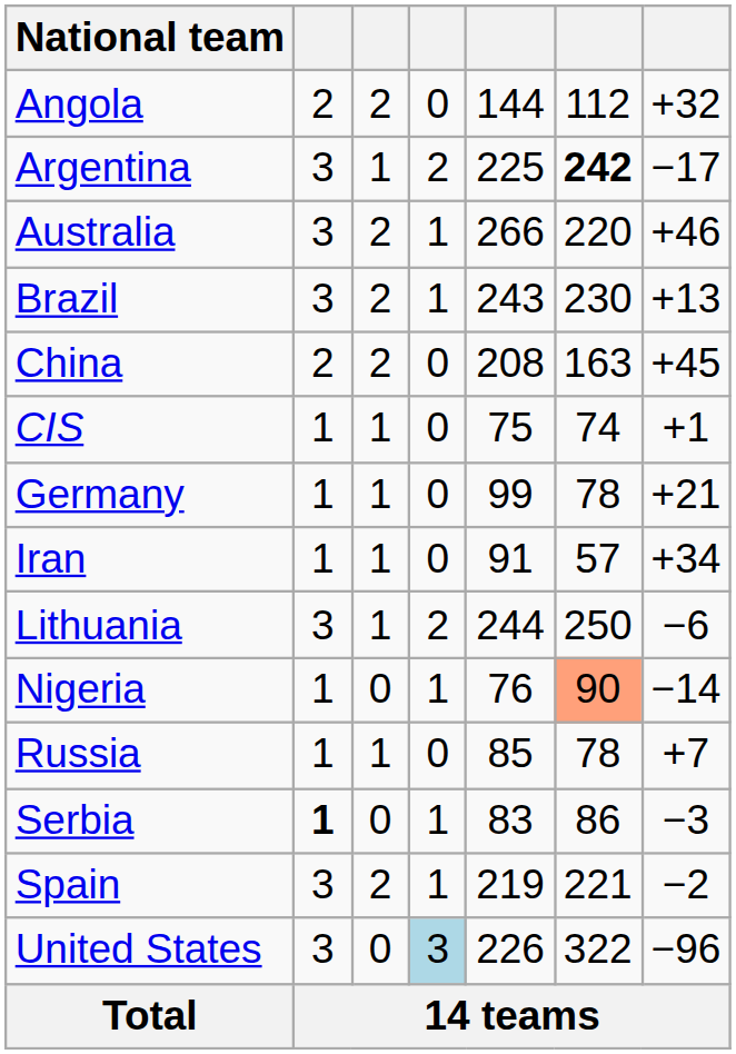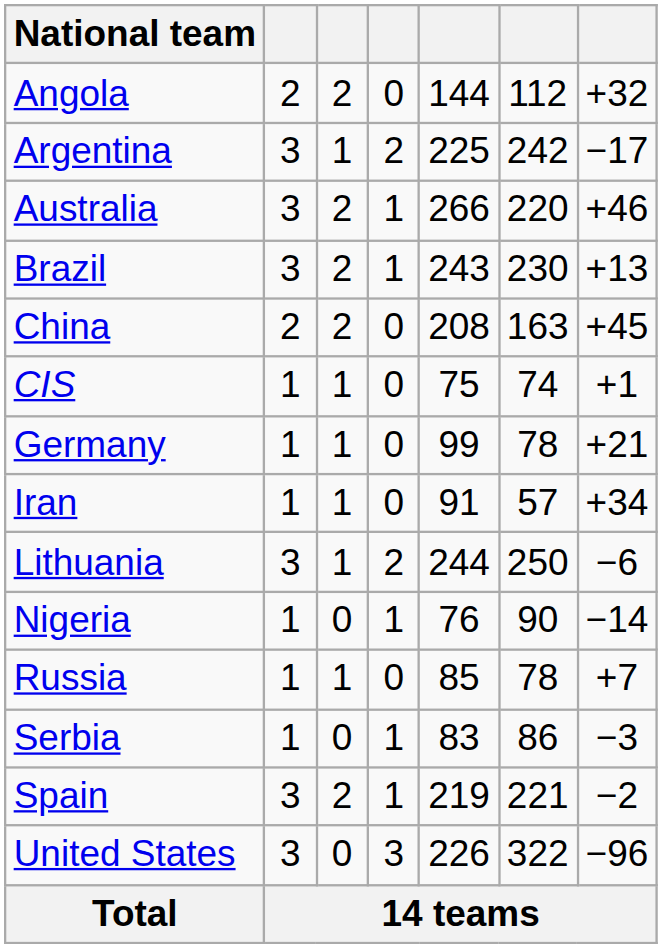 <table class="wikitable sortable" style="text-align: center;">
 <tr>
 <th>National team</th>
 <th width="15"></th>
 <th width="15"></th>
 <th width="15"></th>
 <th></th>
 <th></th>
 <th></th>
 </tr>
 <tr>
 <td align="left"> <a href='#'>Angola</a></td>
 <td>2</td>
 <td>2</td>
 <td>0</td>
 <td>144</td>
 <td>112</td>
 <td>+32</td>
 </tr>
 <tr>
 <td align="left"> <a href='#'>Argentina</a></td>
 <td>3</td>
 <td>1</td>
 <td>2</td>
 <td>225</td>
-<td><strong>242</strong></td>
+<td>242</td>
 <td>−17</td>
 </tr>
 <tr>
 <td align="left"> <a href='#'>Australia</a></td>
 <td>3</td>
 <td>2</td>
 <td>1</td>
 <td>266</td>
 <td>220</td>
 <td>+46</td>
 </tr>
 <tr>
 <td align="left"> <a href='#'>Brazil</a></td>
 <td>3</td>
 <td>2</td>
 <td>1</td>
 <td>243</td>
 <td>230</td>
 <td>+13</td>
 </tr>
 <tr>
 <td align="left"> <a href='#'>China</a></td>
 <td>2</td>
 <td>2</td>
 <td>0</td>
 <td>208</td>
 <td>163</td>
 <td>+45</td>
 </tr>
 <tr>
 <td align="left"> <em><a href='#'>CIS</a></em></td>
 <td>1</td>
 <td>1</td>
 <td>0</td>
 <td>75</td>
 <td>74</td>
 <td>+1</td>
 </tr>
 <tr>
 <td align="left"> <a href='#'>Germany</a></td>
 <td>1</td>
 <td>1</td>
 <td>0</td>
 <td>99</td>
 <td>78</td>
 <td>+21</td>
 </tr>
 <tr>
 <td align="left"> <a href='#'>Iran</a></td>
 <td>1</td>
 <td>1</td>
 <td>0</td>
 <td>91</td>
 <td>57</td>
 <td>+34</td>
 </tr>
 <tr>
 <td align="left"> <a href='#'>Lithuania</a></td>
 <td>3</td>
 <td>1</td>
 <td>2</td>
 <td>244</td>
 <td>250</td>
 <td>−6</td>
 </tr>
 <tr>
 <td align="left"> <a href='#'>Nigeria</a></td>
 <td>1</td>
 <td>0</td>
 <td>1</td>
 <td>76</td>
-<td style="background: lightsalmon;">90</td>
+<td>90</td>
 <td>−14</td>
 </tr>
 <tr>
 <td align="left"> <a href='#'>Russia</a></td>
 <td>1</td>
 <td>1</td>
 <td>0</td>
 <td>85</td>
 <td>78</td>
 <td>+7</td>
 </tr>
 <tr>
 <td align="left"> <a href='#'>Serbia</a></td>
-<td><strong>1</strong></td>
+<td>1</td>
 <td>0</td>
 <td>1</td>
 <td>83</td>
 <td>86</td>
 <td>−3</td>
 </tr>
 <tr>
 <td align="left"> <a href='#'>Spain</a></td>
 <td>3</td>
 <td>2</td>
 <td>1</td>
 <td>219</td>
 <td>221</td>
 <td>−2</td>
 </tr>
 <tr>
 <td align="left"> <a href='#'>United States</a></td>
 <td>3</td>
 <td>0</td>
-<td style="background: lightblue;">3</td>
+<td>3</td>
 <td>226</td>
 <td>322</td>
 <td>−96</td>
 </tr>
 <tr>
 <th>Total</th>
 <th colspan=6>14 teams</th>
 </tr>
 </table>
